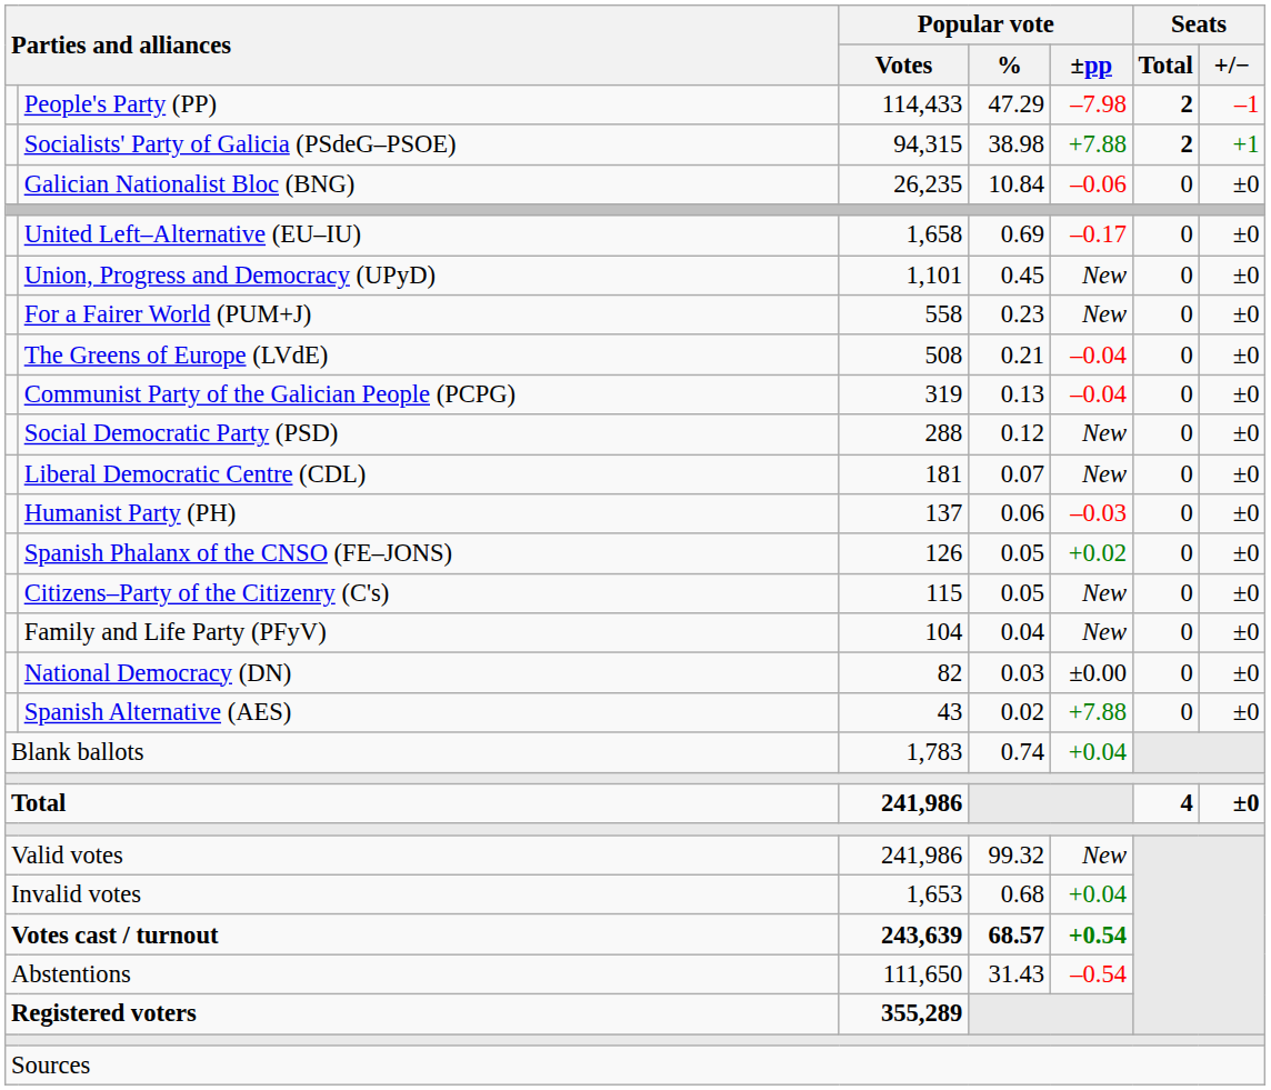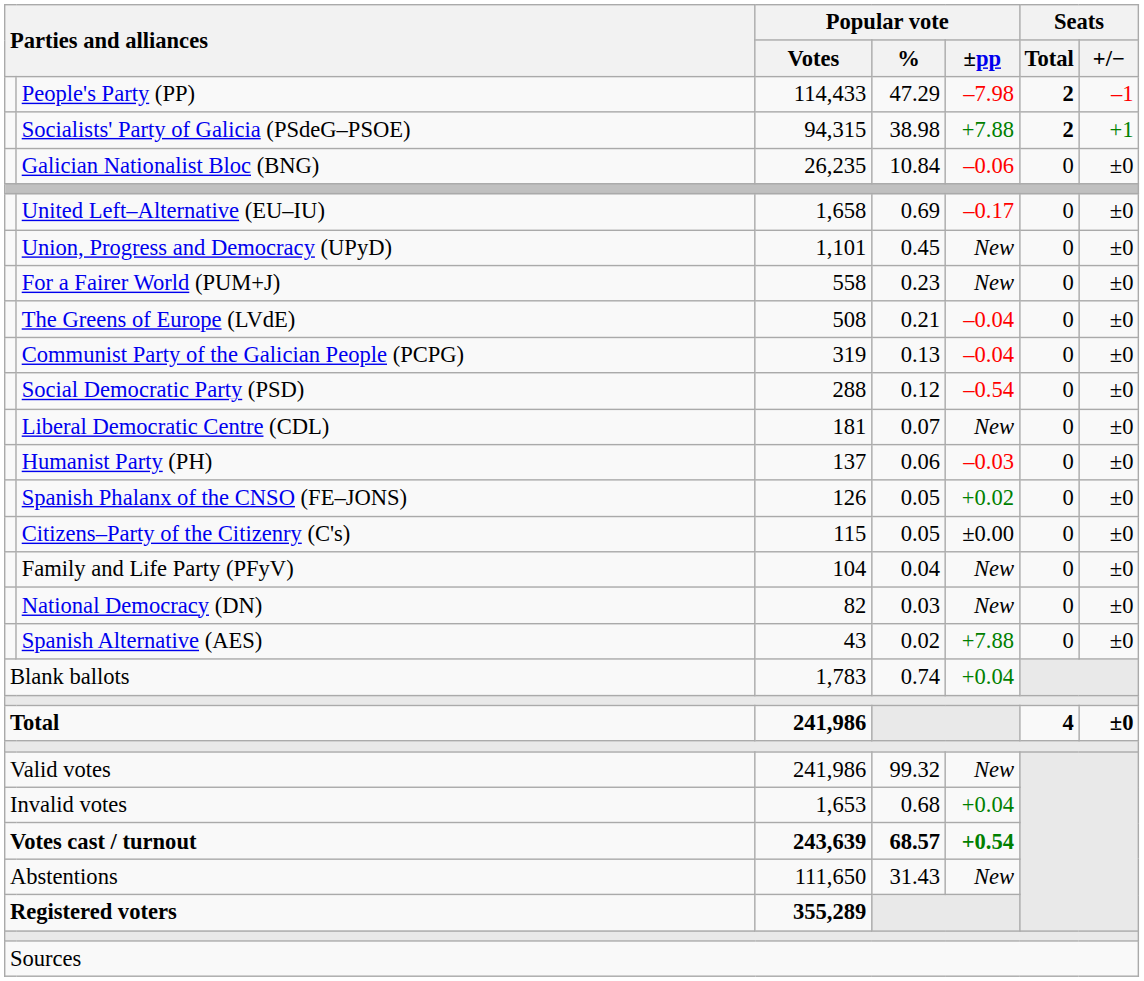 <table class="wikitable" style="text-align:right;">
 <tr>
 <th style="text-align:left;" rowspan="2" colspan="2" width="525">Parties and alliances</th>
 <th colspan="3">Popular vote</th>
 <th colspan="2">Seats</th>
 </tr>
 <tr>
 <th width="75">Votes</th>
 <th width="45">%</th>
 <th width="45">±<a href='#'>pp</a></th>
 <th width="35">Total</th>
 <th width="35">+/−</th>
 </tr>
 <tr>
 <td width="1" style="color:inherit;background:"></td>
 <td align="left"><a href='#'>People's Party</a> (PP)</td>
 <td>114,433</td>
 <td>47.29</td>
 <td style="color:red;">–7.98</td>
 <td><strong>2</strong></td>
 <td style="color:red;">–1</td>
 </tr>
 <tr>
 <td style="color:inherit;background:"></td>
 <td align="left"><a href='#'>Socialists' Party of Galicia</a> (PSdeG–PSOE)</td>
 <td>94,315</td>
 <td>38.98</td>
 <td style="color:green;">+7.88</td>
 <td><strong>2</strong></td>
 <td style="color:green;">+1</td>
 </tr>
 <tr>
 <td style="color:inherit;background:"></td>
 <td align="left"><a href='#'>Galician Nationalist Bloc</a> (BNG)</td>
 <td>26,235</td>
 <td>10.84</td>
 <td style="color:red;">–0.06</td>
 <td>0</td>
 <td>±0</td>
 </tr>
 <tr>
 <td colspan="7" bgcolor="#C0C0C0"></td>
 </tr>
 <tr>
 <td style="color:inherit;background:"></td>
 <td align="left"><a href='#'>United Left–Alternative</a> (EU–IU)</td>
 <td>1,658</td>
 <td>0.69</td>
 <td style="color:red;">–0.17</td>
 <td>0</td>
 <td>±0</td>
 </tr>
 <tr>
 <td style="color:inherit;background:"></td>
 <td align="left"><a href='#'>Union, Progress and Democracy</a> (UPyD)</td>
 <td>1,101</td>
 <td>0.45</td>
 <td><em>New</em></td>
 <td>0</td>
 <td>±0</td>
 </tr>
 <tr>
 <td style="color:inherit;background:"></td>
 <td align="left"><a href='#'>For a Fairer World</a> (PUM+J)</td>
 <td>558</td>
 <td>0.23</td>
 <td><em>New</em></td>
 <td>0</td>
 <td>±0</td>
 </tr>
 <tr>
 <td style="color:inherit;background:"></td>
 <td align="left"><a href='#'>The Greens of Europe</a> (LVdE)</td>
 <td>508</td>
 <td>0.21</td>
 <td style="color:red;">–0.04</td>
 <td>0</td>
 <td>±0</td>
 </tr>
 <tr>
 <td style="color:inherit;background:"></td>
 <td align="left"><a href='#'>Communist Party of the Galician People</a> (PCPG)</td>
 <td>319</td>
 <td>0.13</td>
 <td style="color:red;">–0.04</td>
 <td>0</td>
 <td>±0</td>
 </tr>
 <tr>
 <td style="color:inherit;background:"></td>
 <td align="left"><a href='#'>Social Democratic Party</a> (PSD)</td>
 <td>288</td>
 <td>0.12</td>
-<td><em>New</em></td>
+<td style="color:red;">–0.54</td>
 <td>0</td>
 <td>±0</td>
 </tr>
 <tr>
 <td style="color:inherit;background:"></td>
 <td align="left"><a href='#'>Liberal Democratic Centre</a> (CDL)</td>
 <td>181</td>
 <td>0.07</td>
 <td><em>New</em></td>
 <td>0</td>
 <td>±0</td>
 </tr>
 <tr>
 <td style="color:inherit;background:"></td>
 <td align="left"><a href='#'>Humanist Party</a> (PH)</td>
 <td>137</td>
 <td>0.06</td>
 <td style="color:red;">–0.03</td>
 <td>0</td>
 <td>±0</td>
 </tr>
 <tr>
 <td style="color:inherit;background:"></td>
 <td align="left"><a href='#'>Spanish Phalanx of the CNSO</a> (FE–JONS)</td>
 <td>126</td>
 <td>0.05</td>
 <td style="color:green;">+0.02</td>
 <td>0</td>
 <td>±0</td>
 </tr>
 <tr>
 <td style="color:inherit;background:"></td>
 <td align="left"><a href='#'>Citizens–Party of the Citizenry</a> (C's)</td>
 <td>115</td>
 <td>0.05</td>
-<td><em>New</em></td>
+<td>±0.00</td>
 <td>0</td>
 <td>±0</td>
 </tr>
 <tr>
 <td style="color:inherit;background:"></td>
 <td align="left">Family and Life Party (PFyV)</td>
 <td>104</td>
 <td>0.04</td>
 <td><em>New</em></td>
 <td>0</td>
 <td>±0</td>
 </tr>
 <tr>
 <td style="color:inherit;background:"></td>
 <td align="left"><a href='#'>National Democracy</a> (DN)</td>
 <td>82</td>
 <td>0.03</td>
-<td>±0.00</td>
+<td><em>New</em></td>
 <td>0</td>
 <td>±0</td>
 </tr>
 <tr>
 <td style="color:inherit;background:"></td>
 <td align="left"><a href='#'>Spanish Alternative</a> (AES)</td>
 <td>43</td>
 <td>0.02</td>
 <td style="color:green;">+7.88</td>
 <td>0</td>
 <td>±0</td>
 </tr>
 <tr>
 <td align="left" colspan="2">Blank ballots</td>
 <td>1,783</td>
 <td>0.74</td>
 <td style="color:green;">+0.04</td>
 <td bgcolor="#E9E9E9" colspan="2"></td>
 </tr>
 <tr>
 <td colspan="7" bgcolor="#E9E9E9"></td>
 </tr>
 <tr style="font-weight:bold;">
 <td align="left" colspan="2">Total</td>
 <td>241,986</td>
 <td bgcolor="#E9E9E9" colspan="2"></td>
 <td>4</td>
 <td>±0</td>
 </tr>
 <tr>
 <td colspan="7" bgcolor="#E9E9E9"></td>
 </tr>
 <tr>
 <td align="left" colspan="2">Valid votes</td>
 <td>241,986</td>
 <td>99.32</td>
 <td><em>New</em></td>
 <td bgcolor="#E9E9E9" colspan="2" rowspan="5"></td>
 </tr>
 <tr>
 <td align="left" colspan="2">Invalid votes</td>
 <td>1,653</td>
 <td>0.68</td>
 <td style="color:green;">+0.04</td>
 </tr>
 <tr style="font-weight:bold;">
 <td align="left" colspan="2">Votes cast / turnout</td>
 <td>243,639</td>
 <td>68.57</td>
 <td style="color:green;">+0.54</td>
 </tr>
 <tr>
 <td align="left" colspan="2">Abstentions</td>
 <td>111,650</td>
 <td>31.43</td>
-<td style="color:red;">–0.54</td>
+<td><em>New</em></td>
 </tr>
 <tr style="font-weight:bold;">
 <td align="left" colspan="2">Registered voters</td>
 <td>355,289</td>
 <td bgcolor="#E9E9E9" colspan="2"></td>
 </tr>
 <tr>
 <td colspan="7" bgcolor="#E9E9E9"></td>
 </tr>
 <tr>
 <td align="left" colspan="7">Sources</td>
 </tr>
 </table>
